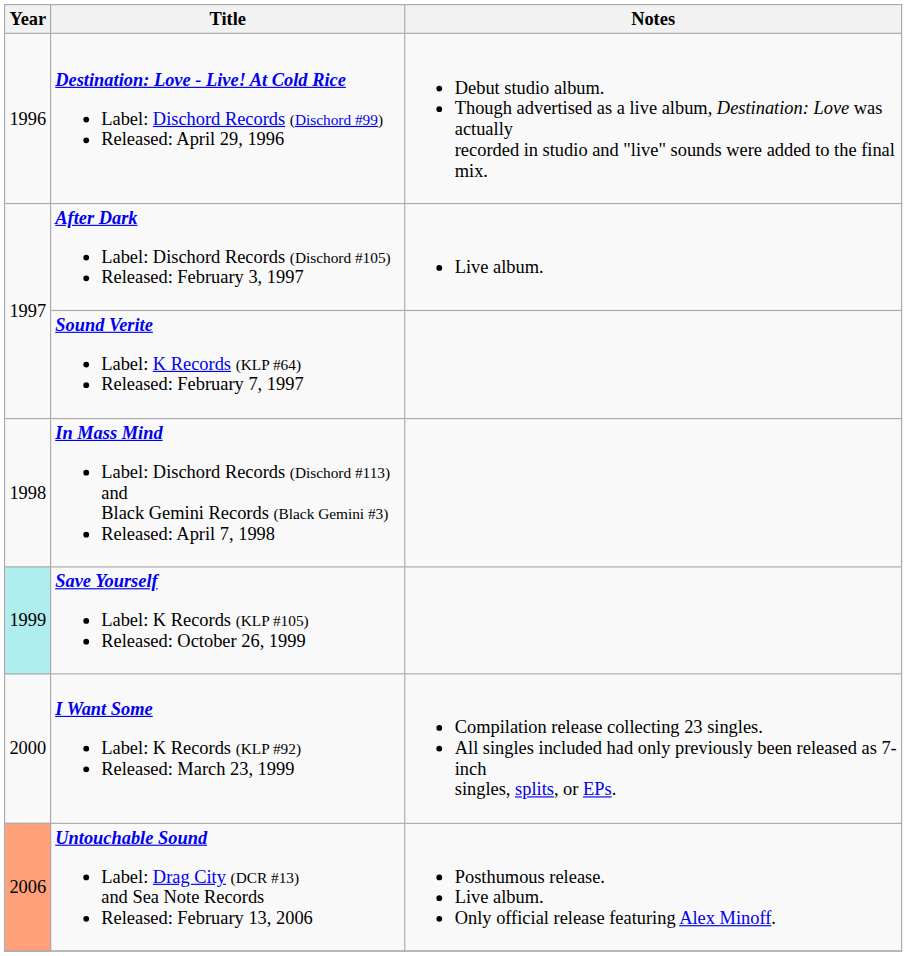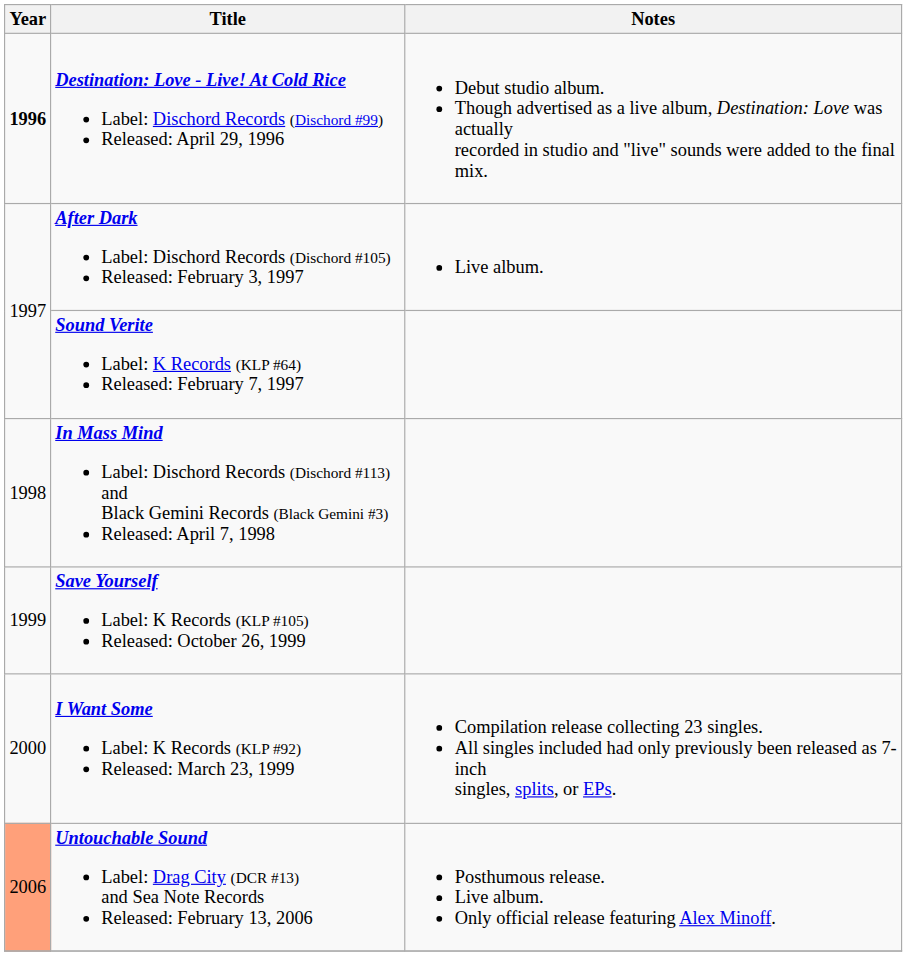 <table class="wikitable">
 <tr>
 <th width="33">Year</th>
 <th width="300">Title</th>
 <th width="425">Notes</th>
 </tr>
 <tr>
-<td align="center">1996</td>
+<td align="center"><strong>1996</strong></td>
 <td><strong><em><a href='#'>Destination: Love - Live! At Cold Rice</a></em></strong><br><ul><li>Label: <a href='#'>Dischord Records</a> <small>(<a href='#'>Dischord #99</a>)</small></li><li>Released: April 29, 1996</li></ul></td>
 <td><br><ul><li>Debut studio album.</li><li>Though advertised as a live album, <em>Destination: Love</em> was actually<br>recorded in studio and "live" sounds were added to the final mix.</li></ul></td>
 </tr>
 <tr>
 <td align="center" rowspan="2">1997</td>
 <td><strong><em><a href='#'>After Dark</a></em></strong><br><ul><li>Label: Dischord Records <small>(Dischord #105)</small></li><li>Released: February 3, 1997</li></ul></td>
 <td><br><ul><li>Live album.</li></ul></td>
 </tr>
 <tr>
 <td><strong><em><a href='#'>Sound Verite</a></em></strong><br><ul><li>Label: <a href='#'>K Records</a> <small>(KLP #64)</small></li><li>Released: February 7, 1997</li></ul></td>
 <td></td>
 </tr>
 <tr>
 <td align="center">1998</td>
 <td><strong><em><a href='#'>In Mass Mind</a></em></strong><br><ul><li>Label: Dischord Records <small>(Dischord #113)</small> and<br>Black Gemini Records <small>(Black Gemini #3)</small></li><li>Released: April 7, 1998</li></ul></td>
 <td></td>
 </tr>
 <tr>
-<td align="center" style="background: paleturquoise;">1999</td>
+<td align="center">1999</td>
 <td><strong><em><a href='#'>Save Yourself</a></em></strong><br><ul><li>Label: K Records <small>(KLP #105)</small></li><li>Released: October 26, 1999</li></ul></td>
 <td></td>
 </tr>
 <tr>
 <td align="center">2000</td>
 <td><strong><em><a href='#'>I Want Some</a></em></strong><br><ul><li>Label: K Records <small>(KLP #92)</small></li><li>Released: March 23, 1999</li></ul></td>
 <td><br><ul><li>Compilation release collecting 23 singles.</li><li>All singles included had only previously been released as 7-inch<br>singles, <a href='#'>splits</a>, or <a href='#'>EPs</a>.</li></ul></td>
 </tr>
 <tr>
 <td align="center" style="background: lightsalmon;">2006</td>
 <td><strong><em><a href='#'>Untouchable Sound</a></em></strong><br><ul><li>Label: <a href='#'>Drag City</a> <small>(DCR #13)</small><br>and Sea Note Records</li><li>Released: February 13, 2006</li></ul></td>
 <td><br><ul><li>Posthumous release.</li><li>Live album.</li><li>Only official release featuring <a href='#'>Alex Minoff</a>.</li></ul></td>
 </tr>
 <tr>
 </tr>
 </table>
